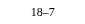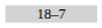 <table style="text-align:center">
 <tr>
 <th width=200></th>
 <th width=100></th>
 <th width=200></th>
 </tr>
 <tr>
 <td align=right><strong></strong></td>
-<td>18–7</td>
+<td style="background: lightgrey;">18–7</td>
 <td align=left></td>
 </tr>
 </table>
